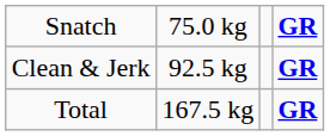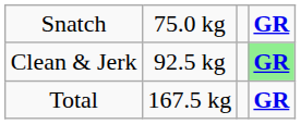 <table class = "wikitable" style="text-align:center;">
 <tr>
 <td>Snatch</td>
 <td>75.0 kg</td>
 <td align=left></td>
 <td><strong><a href='#'>GR</a></strong></td>
 </tr>
 <tr>
 <td>Clean & Jerk</td>
 <td>92.5 kg</td>
 <td align=left></td>
-<td><strong><a href='#'>GR</a></strong></td>
+<td style="background: lightgreen;"><strong><a href='#'>GR</a></strong></td>
 </tr>
 <tr>
 <td>Total</td>
 <td>167.5 kg</td>
 <td align=left></td>
 <td><strong><a href='#'>GR</a></strong></td>
 </tr>
 </table>
